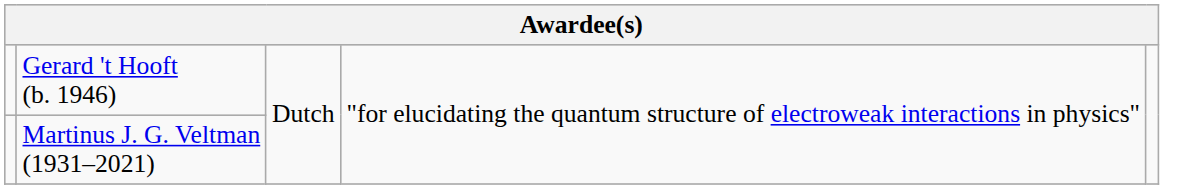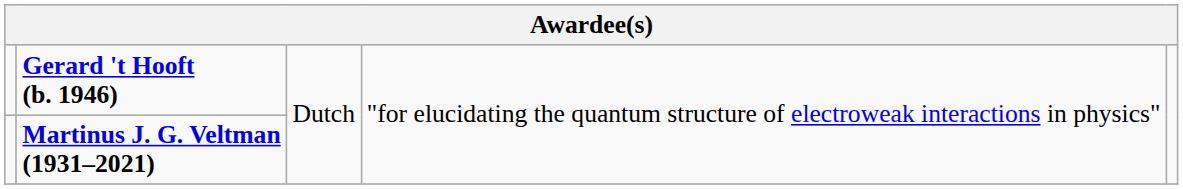 <table class="wikitable">
 <tr>
 <th colspan="5">Awardee(s)</th>
 </tr>
 <tr>
 <td></td>
-<td><a href='#'>Gerard 't Hooft</a><br>(b. 1946)</td>
+<td><strong><a href='#'>Gerard 't Hooft</a><br>(b. 1946)</strong></td>
 <td rowspan="2"> Dutch</td>
 <td rowspan="2">"for elucidating the quantum structure of <a href='#'>electroweak interactions</a> in physics"</td>
 <td rowspan="2"></td>
 </tr>
 <tr>
 <td></td>
-<td><a href='#'>Martinus J. G. Veltman</a><br>(1931–2021)</td>
+<td><strong><a href='#'>Martinus J. G. Veltman</a><br>(1931–2021)</strong></td>
 </tr>
 </table>
